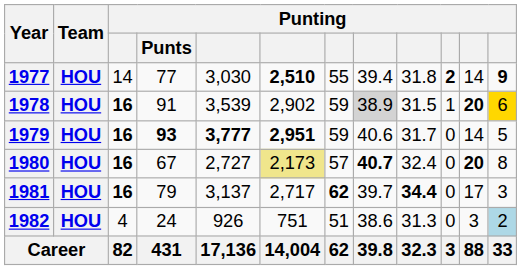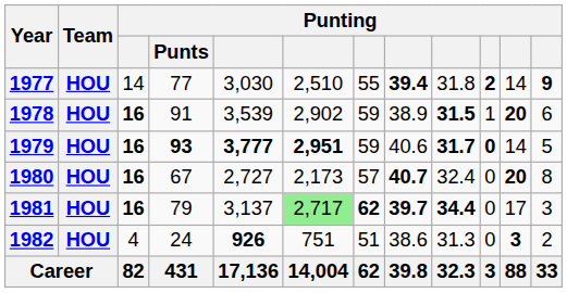 <table class=wikitable style="text-align:center;">
 <tr>
 <th rowspan="2">Year</th>
 <th rowspan="2">Team</th>
 <th colspan="10">Punting</th>
 </tr>
 <tr>
 <th></th>
 <th>Punts</th>
 <th></th>
 <th></th>
 <th></th>
 <th></th>
 <th></th>
 <th></th>
 <th></th>
 <th></th>
 </tr>
 <tr>
 <th><a href='#'>1977</a></th>
 <th><a href='#'>HOU</a></th>
 <td>14</td>
 <td>77</td>
 <td>3,030</td>
-<td><strong>2,510</strong></td>
+<td>2,510</td>
 <td>55</td>
-<td>39.4</td>
+<td><strong>39.4</strong></td>
 <td>31.8</td>
 <td><strong>2</strong></td>
 <td>14</td>
 <td><strong>9</strong></td>
 </tr>
 <tr>
 <th><a href='#'>1978</a></th>
 <th><a href='#'>HOU</a></th>
 <td><strong>16</strong></td>
 <td>91</td>
 <td>3,539</td>
 <td>2,902</td>
 <td>59</td>
-<td style="background: lightgrey;">38.9</td>
-<td>31.5</td>
+<td>38.9</td>
+<td><strong>31.5</strong></td>
 <td>1</td>
 <td><strong>20</strong></td>
-<td style="background: gold;">6</td>
+<td>6</td>
 </tr>
 <tr>
 <th><a href='#'>1979</a></th>
 <th><a href='#'>HOU</a></th>
 <td><strong>16</strong></td>
 <td><strong>93</strong></td>
 <td><strong>3,777</strong></td>
 <td><strong>2,951</strong></td>
 <td>59</td>
 <td>40.6</td>
-<td>31.7</td>
-<td>0</td>
+<td><strong>31.7</strong></td>
+<td><strong>0</strong></td>
 <td>14</td>
 <td>5</td>
 </tr>
 <tr>
 <th><a href='#'>1980</a></th>
 <th><a href='#'>HOU</a></th>
 <td><strong>16</strong></td>
 <td>67</td>
 <td>2,727</td>
-<td style="background: khaki;">2,173</td>
+<td>2,173</td>
 <td>57</td>
 <td><strong>40.7</strong></td>
 <td>32.4</td>
 <td>0</td>
 <td><strong>20</strong></td>
 <td>8</td>
 </tr>
 <tr>
 <th><a href='#'>1981</a></th>
 <th><a href='#'>HOU</a></th>
 <td><strong>16</strong></td>
 <td>79</td>
 <td>3,137</td>
-<td>2,717</td>
+<td style="background: lightgreen;">2,717</td>
 <td><strong>62</strong></td>
-<td>39.7</td>
+<td><strong>39.7</strong></td>
 <td><strong>34.4</strong></td>
 <td>0</td>
 <td>17</td>
 <td>3</td>
 </tr>
 <tr>
 <th><a href='#'>1982</a></th>
 <th><a href='#'>HOU</a></th>
 <td>4</td>
 <td>24</td>
-<td>926</td>
+<td><strong>926</strong></td>
 <td>751</td>
 <td>51</td>
 <td>38.6</td>
 <td>31.3</td>
 <td>0</td>
-<td>3</td>
-<td style="background: lightblue;">2</td>
+<td><strong>3</strong></td>
+<td>2</td>
 </tr>
 <tr>
 <th colspan="2">Career</th>
 <th>82</th>
 <th>431</th>
 <th>17,136</th>
 <th>14,004</th>
 <th>62</th>
 <th>39.8</th>
 <th>32.3</th>
 <th>3</th>
 <th>88</th>
 <th>33</th>
 </tr>
 </table>
